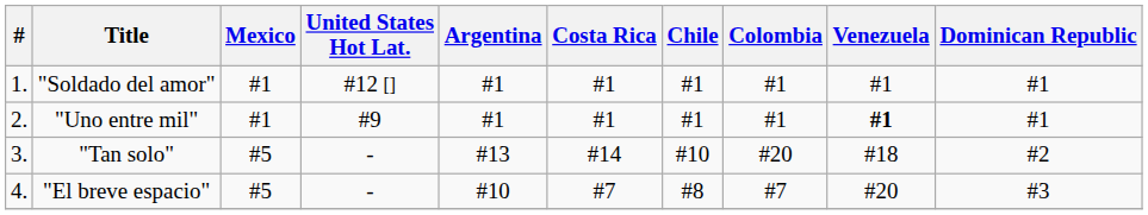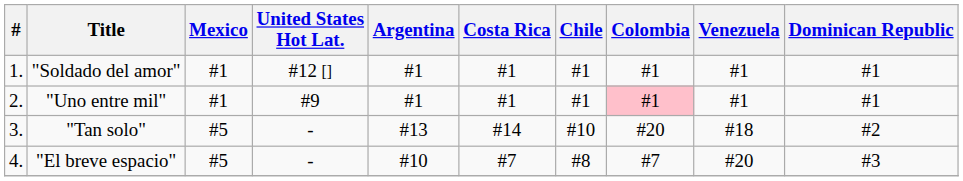 <table class="wikitable">
 <tr>
 <th>#</th>
 <th>Title</th>
 <th><a href='#'>Mexico</a></th>
 <th><a href='#'>United States</a><br><a href='#'>Hot Lat.</a></th>
 <th><a href='#'>Argentina</a></th>
 <th><a href='#'>Costa Rica</a></th>
 <th><a href='#'>Chile</a></th>
 <th><a href='#'>Colombia</a></th>
 <th><a href='#'>Venezuela</a></th>
 <th><a href='#'>Dominican Republic</a></th>
 </tr>
 <tr>
 <td>1.</td>
 <td align="center">"Soldado del amor"</td>
 <td align="center">#1</td>
 <td align="center">#12 <small>[]</small></td>
 <td align="center">#1</td>
 <td align="center">#1</td>
 <td align="center">#1</td>
 <td align="center">#1</td>
 <td align="center">#1</td>
 <td align="center">#1</td>
 </tr>
 <tr>
 <td>2.</td>
 <td align="center">"Uno entre mil"</td>
 <td align="center">#1</td>
 <td align="center">#9 <small></small></td>
 <td align="center">#1</td>
 <td align="center">#1</td>
 <td align="center">#1</td>
+<td align="center" style="background: pink;">#1</td>
 <td align="center">#1</td>
-<td align="center"><strong>#1</strong></td>
 <td align="center">#1</td>
 </tr>
 <tr>
 <td>3.</td>
 <td align="center">"Tan solo"</td>
 <td align="center">#5</td>
 <td align="center">-</td>
 <td align="center">#13</td>
 <td align="center">#14</td>
 <td align="center">#10</td>
 <td align="center">#20</td>
 <td align="center">#18</td>
 <td align="center">#2</td>
 </tr>
 <tr>
 <td>4.</td>
 <td align="center">"El breve espacio"</td>
 <td align="center">#5</td>
 <td align="center">-</td>
 <td align="center">#10</td>
 <td align="center">#7</td>
 <td align="center">#8</td>
 <td align="center">#7</td>
 <td align="center">#20</td>
 <td align="center">#3</td>
 </tr>
 <tr>
 </tr>
 </table>
